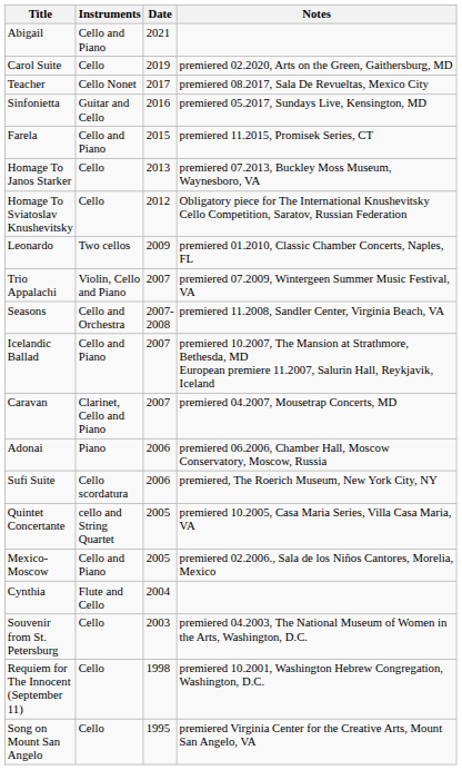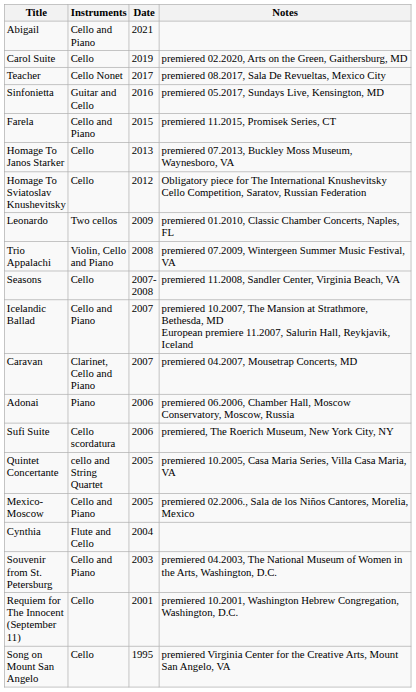 <table class="sortable wikitable" style="margins:auto; width=95%;">
 <tr>
 <th width=>Title</th>
 <th width=>Instruments</th>
 <th width=>Date</th>
 <th width="500">Notes</th>
 </tr>
 <tr valign="top">
 <td>Abigail</td>
 <td>Cello and Piano</td>
 <td>2021</td>
 <td></td>
 </tr>
 <tr valign="top">
 <td>Carol Suite</td>
 <td>Cello</td>
 <td>2019</td>
 <td>premiered 02.2020, Arts on the Green, Gaithersburg, MD</td>
 </tr>
 <tr valign="top">
 <td>Teacher</td>
 <td>Cello Nonet</td>
 <td>2017</td>
 <td>premiered 08.2017, Sala De Revueltas, Mexico City</td>
 </tr>
 <tr valign="top">
 <td>Sinfonietta</td>
 <td>Guitar and Cello</td>
 <td>2016</td>
 <td>premiered 05.2017, Sundays Live, Kensington, MD</td>
 </tr>
 <tr valign="top">
 <td>Farela</td>
 <td>Cello and Piano</td>
 <td>2015</td>
 <td>premiered 11.2015, Promisek Series, CT</td>
 </tr>
 <tr valign="top">
 <td>Homage To Janos Starker</td>
 <td>Cello</td>
 <td>2013</td>
 <td>premiered 07.2013, Buckley Moss Museum, Waynesboro, VA</td>
 </tr>
 <tr valign="top">
 <td>Homage To Sviatoslav Knushevitsky</td>
 <td>Cello</td>
 <td>2012</td>
 <td>Obligatory piece for The International Knushevitsky Cello Competition, Saratov, Russian Federation</td>
 </tr>
 <tr valign="top">
 <td>Leonardo</td>
 <td>Two cellos</td>
 <td>2009</td>
 <td>premiered 01.2010, Classic Chamber Concerts, Naples, FL</td>
 </tr>
 <tr valign="top">
 <td>Trio Appalachi</td>
 <td>Violin, Cello and Piano</td>
-<td>2007</td>
+<td>2008</td>
 <td>premiered 07.2009, Wintergeen Summer Music Festival, VA</td>
 </tr>
 <tr valign="top">
 <td>Seasons</td>
-<td>Cello and Orchestra</td>
+<td>Cello</td>
 <td>2007-2008</td>
 <td>premiered 11.2008, Sandler Center, Virginia Beach, VA</td>
 </tr>
 <tr valign="top">
 <td>Icelandic Ballad</td>
 <td>Cello and Piano</td>
 <td>2007</td>
 <td>premiered 10.2007, The Mansion at Strathmore, Bethesda, MD<br>European premiere 11.2007, Salurin Hall, Reykjavik, Iceland</td>
 </tr>
 <tr valign="top">
 <td>Caravan</td>
 <td>Clarinet, Cello and Piano</td>
 <td>2007</td>
 <td>premiered 04.2007, Mousetrap Concerts, MD</td>
 </tr>
 <tr valign="top">
 <td>Adonai</td>
 <td>Piano</td>
 <td>2006</td>
 <td>premiered 06.2006, Chamber Hall, Moscow Conservatory, Moscow, Russia</td>
 </tr>
 <tr valign="top">
 <td>Sufi Suite</td>
 <td>Cello scordatura</td>
 <td>2006</td>
 <td>premiered, The Roerich Museum, New York City, NY</td>
 </tr>
 <tr valign="top">
 <td>Quintet Concertante</td>
 <td>cello and String Quartet</td>
 <td>2005</td>
 <td>premiered 10.2005, Casa Maria Series, Villa Casa Maria, VA</td>
 </tr>
 <tr valign="top">
 <td>Mexico-Moscow</td>
 <td>Cello and Piano</td>
 <td>2005</td>
 <td>premiered 02.2006., Sala de los Niños Cantores, Morelia, Mexico</td>
 </tr>
 <tr valign="top">
 <td>Cynthia</td>
 <td>Flute and Cello</td>
 <td>2004</td>
 <td></td>
 </tr>
 <tr valign="top">
 <td>Souvenir from St. Petersburg</td>
-<td>Cello</td>
+<td>Cello and Piano</td>
 <td>2003</td>
 <td>premiered 04.2003, The National Museum of Women in the Arts, Washington, D.C.</td>
 </tr>
 <tr valign="top">
 <td>Requiem for The Innocent (September 11)</td>
 <td>Cello</td>
-<td>1998</td>
+<td>2001</td>
 <td>premiered 10.2001, Washington Hebrew Congregation, Washington, D.C.</td>
 </tr>
 <tr valign="top">
 <td>Song on Mount San Angelo</td>
 <td>Cello</td>
 <td>1995</td>
 <td>premiered Virginia Center for the Creative Arts, Mount San Angelo,  VA</td>
 </tr>
 </table>
